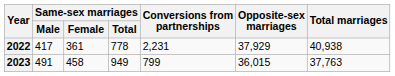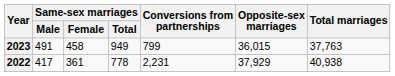 <table class="wikitable" style="text-align:left;">
 <tr>
 <th rowspan=2>Year</th>
 <th colspan=3>Same-sex marriages</th>
 <th rowspan=2>Conversions from<br> partnerships</th>
 <th rowspan=2>Opposite-sex<br> marriages</th>
 <th rowspan=2>Total marriages</th>
 </tr>
 <tr>
 <th>Male</th>
 <th>Female</th>
 <th>Total</th>
 </tr>
 <tr>
+<th>2023</th>
+<td>491</td>
+<td>458</td>
+<td>949</td>
+<td>799</td>
+<td>36,015</td>
+<td>37,763</td>
+</tr>
+<tr>
 <th>2022</th>
 <td>417</td>
 <td>361</td>
 <td>778</td>
 <td>2,231</td>
 <td>37,929</td>
 <td>40,938</td>
 </tr>
-<tr>
-<th>2023</th>
-<td>491</td>
-<td>458</td>
-<td>949</td>
-<td>799</td>
-<td>36,015</td>
-<td>37,763</td>
-</tr>
 </table>
